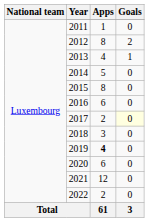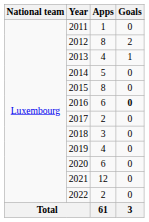 <table class="wikitable" style="text-align:center">
 <tr>
 <th>National team</th>
 <th>Year</th>
 <th>Apps</th>
 <th>Goals</th>
 </tr>
 <tr>
 <td rowspan=13><a href='#'>Luxembourg</a></td>
 </tr>
 <tr>
 <td>2011</td>
 <td>1</td>
 <td>0</td>
 </tr>
 <tr>
 <td>2012</td>
 <td>8</td>
 <td>2</td>
 </tr>
 <tr>
 <td>2013</td>
 <td>4</td>
 <td>1</td>
 </tr>
 <tr>
 <td>2014</td>
 <td>5</td>
 <td>0</td>
 </tr>
 <tr>
 <td>2015</td>
 <td>8</td>
 <td>0</td>
 </tr>
 <tr>
 <td>2016</td>
 <td>6</td>
-<td>0</td>
+<td><strong>0</strong></td>
 </tr>
 <tr>
 <td>2017</td>
 <td>2</td>
-<td style="background: lightyellow;">0</td>
+<td>0</td>
 </tr>
 <tr>
 <td>2018</td>
 <td>3</td>
 <td>0</td>
 </tr>
 <tr>
 <td>2019</td>
-<td><strong>4</strong></td>
+<td>4</td>
 <td>0</td>
 </tr>
 <tr>
 <td>2020</td>
 <td>6</td>
 <td>0</td>
 </tr>
 <tr>
 <td>2021</td>
 <td>12</td>
 <td>0</td>
 </tr>
 <tr>
 <td>2022</td>
 <td>2</td>
 <td>0</td>
 </tr>
 <tr>
 <th colspan=2>Total</th>
 <th>61</th>
 <th>3</th>
 </tr>
 </table>
